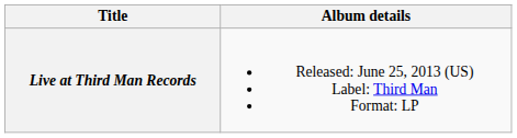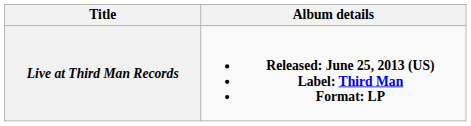 <table class="wikitable plainrowheaders" style="text-align:center;">
 <tr>
 <th scope="col" rowspan="1" style="width:14em;">Title</th>
 <th scope="col" rowspan="1" style="width:19em;">Album details</th>
 </tr>
 <tr>
 <th scope="row"><em>Live at Third Man Records</em></th>
-<td><br><ul><li>Released: June 25, 2013 <span>(US)</span></li><li>Label: <a href='#'>Third Man</a></li><li>Format: LP</li></ul></td>
+<td><strong><br><ul><li>Released: June 25, 2013 <span>(US)</span></li><li>Label: <a href='#'>Third Man</a></li><li>Format: LP</li></ul></strong></td>
 </tr>
 </table>
